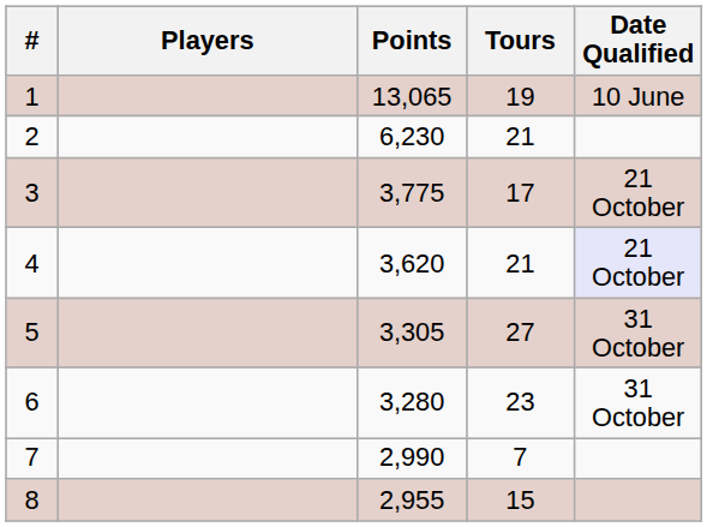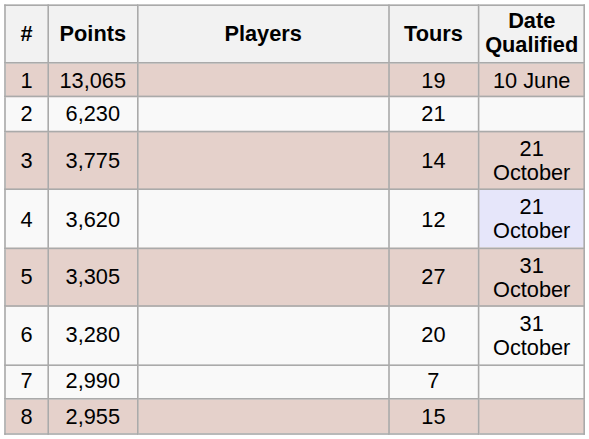 <table class="sortable wikitable" style="float:right;margin-left:1em;text-align:center;font-size:85%;text:justify;">
 <tr>
 <th width=20>#</th>
+<th width=50>Points</th>
 <th width=150>Players</th>
-<th width=50>Points</th>
 <th width=50>Tours</th>
 <th width=60>Date Qualified</th>
 </tr>
 <tr align=center bgcolor=#e5d1cb>
 <td>1</td>
+<td>13,065</td>
 <td align=left><br></td>
-<td>13,065</td>
 <td>19</td>
 <td>10 June</td>
 </tr>
 <tr align=center>
 <td>2</td>
+<td>6,230</td>
 <td align=left><br></td>
-<td>6,230</td>
 <td>21</td>
 <td></td>
 </tr>
 <tr align=center bgcolor=#e5d1cb>
 <td>3</td>
+<td>3,775</td>
 <td align=left><br></td>
-<td>3,775</td>
-<td>17</td>
+<td>14</td>
 <td>21 October</td>
 </tr>
 <tr align=center>
 <td>4</td>
+<td>3,620</td>
 <td align=left><br></td>
-<td>3,620</td>
-<td>21</td>
+<td>12</td>
 <td style="background: lavender;">21 October</td>
 </tr>
 <tr align=center bgcolor=#e5d1cb>
 <td>5</td>
+<td>3,305</td>
 <td align=left><br></td>
-<td>3,305</td>
 <td>27</td>
 <td>31 October</td>
 </tr>
 <tr align=center>
 <td>6</td>
+<td>3,280</td>
 <td align=left><br></td>
-<td>3,280</td>
-<td>23</td>
+<td>20</td>
 <td>31 October</td>
 </tr>
 <tr align=center>
 <td>7</td>
+<td>2,990</td>
 <td align=left><br></td>
-<td>2,990</td>
 <td>7</td>
 <td></td>
 </tr>
 <tr align=center bgcolor=#e5d1cb>
 <td>8</td>
+<td>2,955</td>
 <td align=left><br></td>
-<td>2,955</td>
 <td>15</td>
 <td></td>
 </tr>
 </table>
